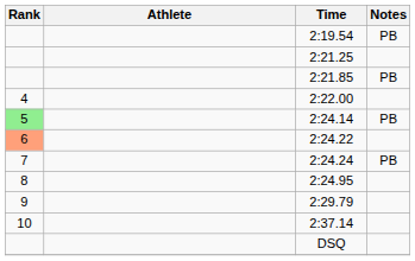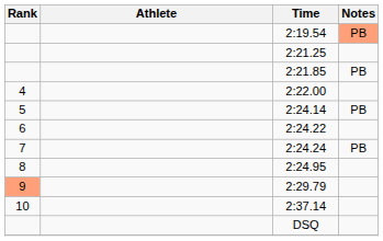 <table class="wikitable" style="text-align:center">
 <tr>
 <th>Rank</th>
 <th width=300>Athlete</th>
 <th width=80>Time</th>
 <th>Notes</th>
 </tr>
 <tr>
 <td></td>
 <td align=left></td>
 <td>2:19.54</td>
-<td>PB</td>
+<td style="background: lightsalmon;">PB</td>
 </tr>
 <tr>
 <td></td>
 <td align=left></td>
 <td>2:21.25</td>
 <td></td>
 </tr>
 <tr>
 <td></td>
 <td align=left></td>
 <td>2:21.85</td>
 <td>PB</td>
 </tr>
 <tr>
 <td>4</td>
 <td align=left></td>
 <td>2:22.00</td>
 <td></td>
 </tr>
 <tr>
-<td style="background: lightgreen;">5</td>
+<td>5</td>
 <td align=left></td>
 <td>2:24.14</td>
 <td>PB</td>
 </tr>
 <tr>
-<td style="background: lightsalmon;">6</td>
+<td>6</td>
 <td align=left></td>
 <td>2:24.22</td>
 <td></td>
 </tr>
 <tr>
 <td>7</td>
 <td align=left></td>
 <td>2:24.24</td>
 <td>PB</td>
 </tr>
 <tr>
 <td>8</td>
 <td align=left></td>
 <td>2:24.95</td>
 <td></td>
 </tr>
 <tr>
-<td>9</td>
+<td style="background: lightsalmon;">9</td>
 <td align=left></td>
 <td>2:29.79</td>
 <td></td>
 </tr>
 <tr>
 <td>10</td>
 <td align=left></td>
 <td>2:37.14</td>
 <td></td>
 </tr>
 <tr>
 <td></td>
 <td align=left></td>
 <td>DSQ</td>
 <td></td>
 </tr>
 <tr>
 </tr>
 </table>
